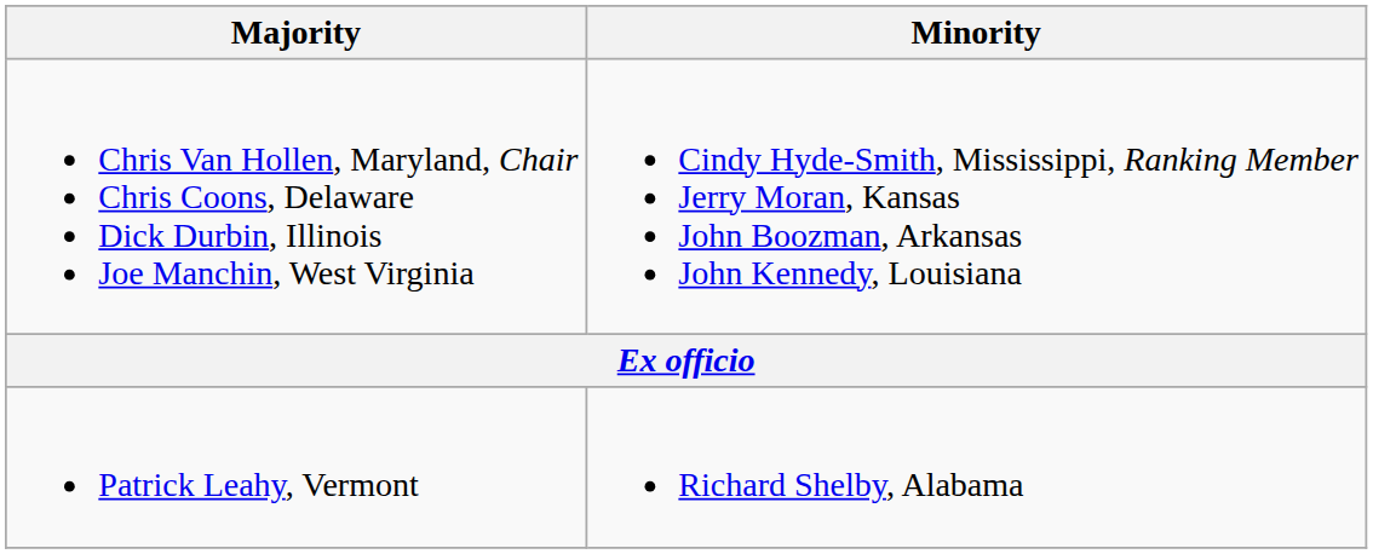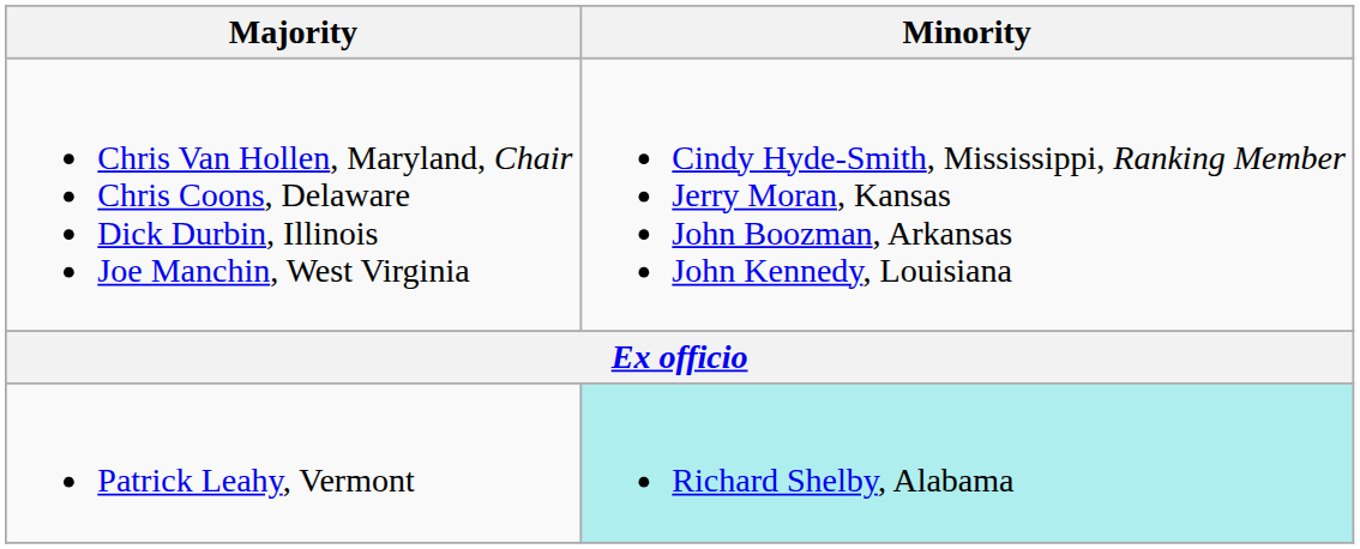 <table class=wikitable>
 <tr>
 <th>Majority</th>
 <th>Minority</th>
 </tr>
 <tr>
 <td><br><ul><li><a href='#'>Chris Van Hollen</a>, Maryland, <em>Chair</em></li><li><a href='#'>Chris Coons</a>, Delaware</li><li><a href='#'>Dick Durbin</a>, Illinois</li><li><a href='#'>Joe Manchin</a>, West Virginia</li></ul></td>
 <td><br><ul><li><a href='#'>Cindy Hyde-Smith</a>, Mississippi, <em>Ranking Member</em></li><li><a href='#'>Jerry Moran</a>, Kansas</li><li><a href='#'>John Boozman</a>, Arkansas</li><li><a href='#'>John Kennedy</a>, Louisiana</li></ul></td>
 </tr>
 <tr>
 <th colspan=2 align=center><em><a href='#'>Ex officio</a></em></th>
 </tr>
 <tr>
 <td><br><ul><li><a href='#'>Patrick Leahy</a>, Vermont</li></ul></td>
-<td><br><ul><li><a href='#'>Richard Shelby</a>, Alabama</li></ul></td>
+<td style="background: paleturquoise;"><br><ul><li><a href='#'>Richard Shelby</a>, Alabama</li></ul></td>
 </tr>
 </table>
